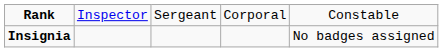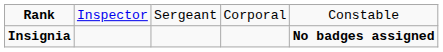 <table class="wikitable" style="text-align:center">
 <tr>
 <td><strong>Rank</strong></td>
 <td><a href='#'>Inspector</a></td>
 <td>Sergeant</td>
 <td>Corporal</td>
 <td>Constable</td>
 </tr>
 <tr>
 <td><strong>Insignia</strong></td>
 <td></td>
 <td></td>
 <td></td>
-<td>No badges assigned</td>
+<td><strong>No badges assigned</strong></td>
 </tr>
 </table>
